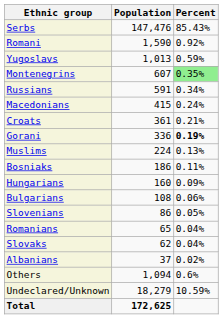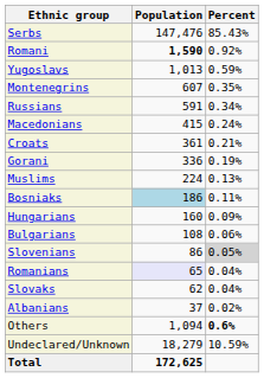 <table class="wikitable">
 <tr>
 <th>Ethnic group</th>
 <th>Population</th>
 <th>Percent</th>
 </tr>
 <tr>
 <td style="background:#F5F5DC;"><a href='#'>Serbs</a></td>
 <td align="right">147,476</td>
 <td>85.43%</td>
 </tr>
 <tr>
 <td style="background:#F5F5DC;"><a href='#'>Romani</a></td>
-<td align="right">1,590</td>
+<td align="right"><strong>1,590</strong></td>
 <td>0.92%</td>
 </tr>
 <tr>
 <td style="background:#F5F5DC;"><a href='#'>Yugoslavs</a></td>
 <td align="right">1,013</td>
 <td>0.59%</td>
 </tr>
 <tr>
 <td style="background:#F5F5DC;"><a href='#'>Montenegrins</a></td>
 <td align="right">607</td>
-<td style="background: lightgreen;">0.35%</td>
+<td>0.35%</td>
 </tr>
 <tr>
 <td style="background:#F5F5DC;"><a href='#'>Russians</a></td>
 <td align="right">591</td>
 <td>0.34%</td>
 </tr>
 <tr>
 <td style="background:#F5F5DC;"><a href='#'>Macedonians</a></td>
 <td align="right">415</td>
 <td>0.24%</td>
 </tr>
 <tr>
 <td style="background:#F5F5DC;"><a href='#'>Croats</a></td>
 <td align="right">361</td>
 <td>0.21%</td>
 </tr>
 <tr>
 <td style="background:#F5F5DC;"><a href='#'>Gorani</a></td>
 <td align="right">336</td>
-<td><strong>0.19%</strong></td>
+<td>0.19%</td>
 </tr>
 <tr>
 <td style="background:#F5F5DC;"><a href='#'>Muslims</a></td>
 <td align="right">224</td>
 <td>0.13%</td>
 </tr>
 <tr>
 <td style="background:#F5F5DC;"><a href='#'>Bosniaks</a></td>
-<td align="right">186</td>
+<td align="right" style="background: lightblue;">186</td>
 <td>0.11%</td>
 </tr>
 <tr>
 <td style="background:#F5F5DC;"><a href='#'>Hungarians</a></td>
 <td align="right">160</td>
 <td>0.09%</td>
 </tr>
 <tr>
 <td style="background:#F5F5DC;"><a href='#'>Bulgarians</a></td>
 <td align="right">108</td>
 <td>0.06%</td>
 </tr>
 <tr>
 <td style="background:#F5F5DC;"><a href='#'>Slovenians</a></td>
 <td align="right">86</td>
-<td>0.05%</td>
+<td style="background: lightgrey;">0.05%</td>
 </tr>
 <tr>
 <td style="background:#F5F5DC;"><a href='#'>Romanians</a></td>
-<td align="right">65</td>
+<td align="right" style="background: lavender;">65</td>
 <td>0.04%</td>
 </tr>
 <tr>
 <td style="background:#F5F5DC;"><a href='#'>Slovaks</a></td>
 <td align="right">62</td>
 <td>0.04%</td>
 </tr>
 <tr>
 <td style="background:#F5F5DC;"><a href='#'>Albanians</a></td>
 <td align="right">37</td>
 <td>0.02%</td>
 </tr>
 <tr>
 <td style="background:#F5F5DC;">Others</td>
 <td align="right">1,094</td>
-<td>0.6%</td>
+<td><strong>0.6%</strong></td>
 </tr>
 <tr>
 <td style="background:#F5F5DC;">Undeclared/Unknown</td>
 <td align="right">18,279</td>
 <td>10.59%</td>
 </tr>
 <tr>
 <td style="background:#F0F0F0;"><strong>Total</strong></td>
 <td align="right"><strong>172,625</strong></td>
 </tr>
 </table>
